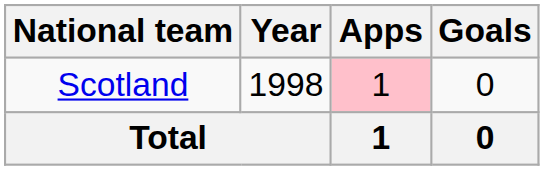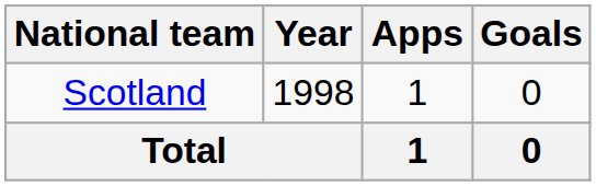 <table class="wikitable" style="text-align:center">
 <tr>
 <th>National team</th>
 <th>Year</th>
 <th>Apps</th>
 <th>Goals</th>
 </tr>
 <tr>
 <td><a href='#'>Scotland</a></td>
 <td>1998</td>
-<td style="background: pink;">1</td>
+<td>1</td>
 <td>0</td>
 </tr>
 <tr>
 <th colspan="2">Total</th>
 <th>1</th>
 <th>0</th>
 </tr>
 </table>
